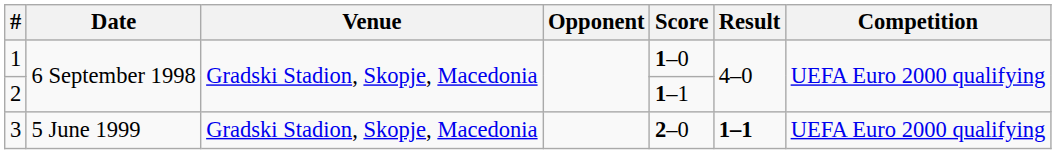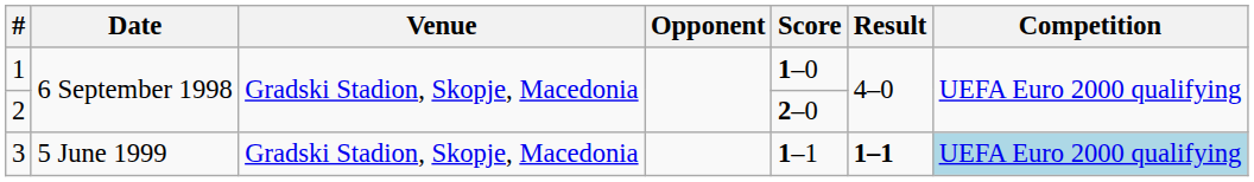 <table class="wikitable">
 <tr>
 <th>#</th>
 <th>Date</th>
 <th>Venue</th>
 <th>Opponent</th>
 <th>Score</th>
 <th>Result</th>
 <th>Competition</th>
 </tr>
 <tr>
 <td align=center>1</td>
 <td rowspan="2">6 September 1998</td>
 <td rowspan="2"><a href='#'>Gradski Stadion</a>, <a href='#'>Skopje</a>, <a href='#'>Macedonia</a></td>
 <td rowspan="2"></td>
 <td><strong>1</strong>–0</td>
 <td rowspan="2">4–0</td>
 <td rowspan="2"><a href='#'>UEFA Euro 2000 qualifying</a></td>
 </tr>
 <tr>
 <td align=center>2</td>
-<td><strong>1</strong>–1</td>
+<td><strong>2</strong>–0</td>
 </tr>
 <tr>
 <td align=center>3</td>
 <td>5 June 1999</td>
 <td><a href='#'>Gradski Stadion</a>, <a href='#'>Skopje</a>, <a href='#'>Macedonia</a></td>
 <td></td>
-<td><strong>2</strong>–0</td>
+<td><strong>1</strong>–1</td>
 <td><strong>1–1</strong></td>
-<td><a href='#'>UEFA Euro 2000 qualifying</a></td>
+<td style="background: lightblue;"><a href='#'>UEFA Euro 2000 qualifying</a></td>
 </tr>
 </table>
